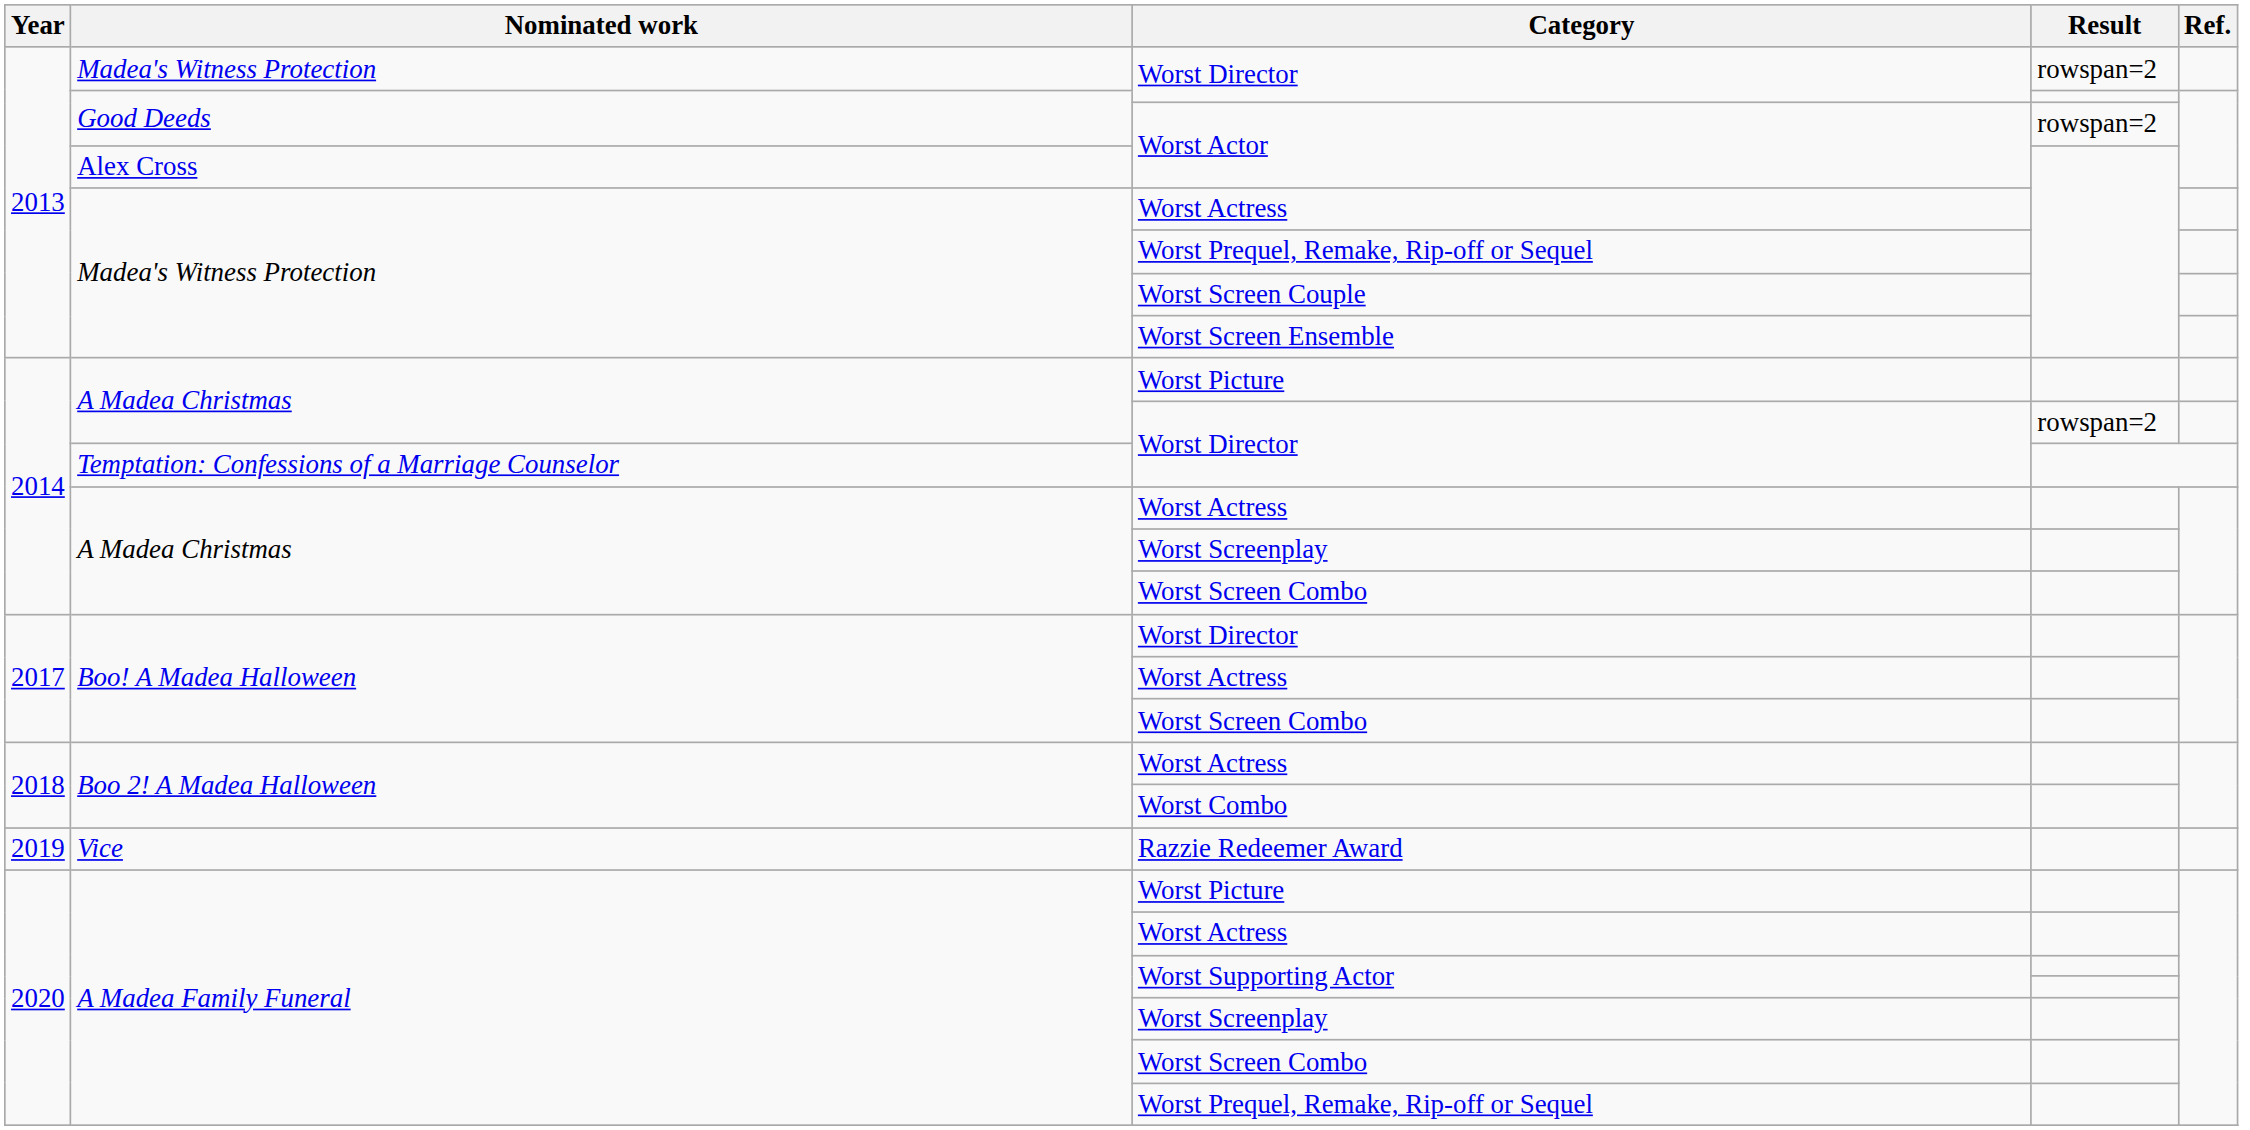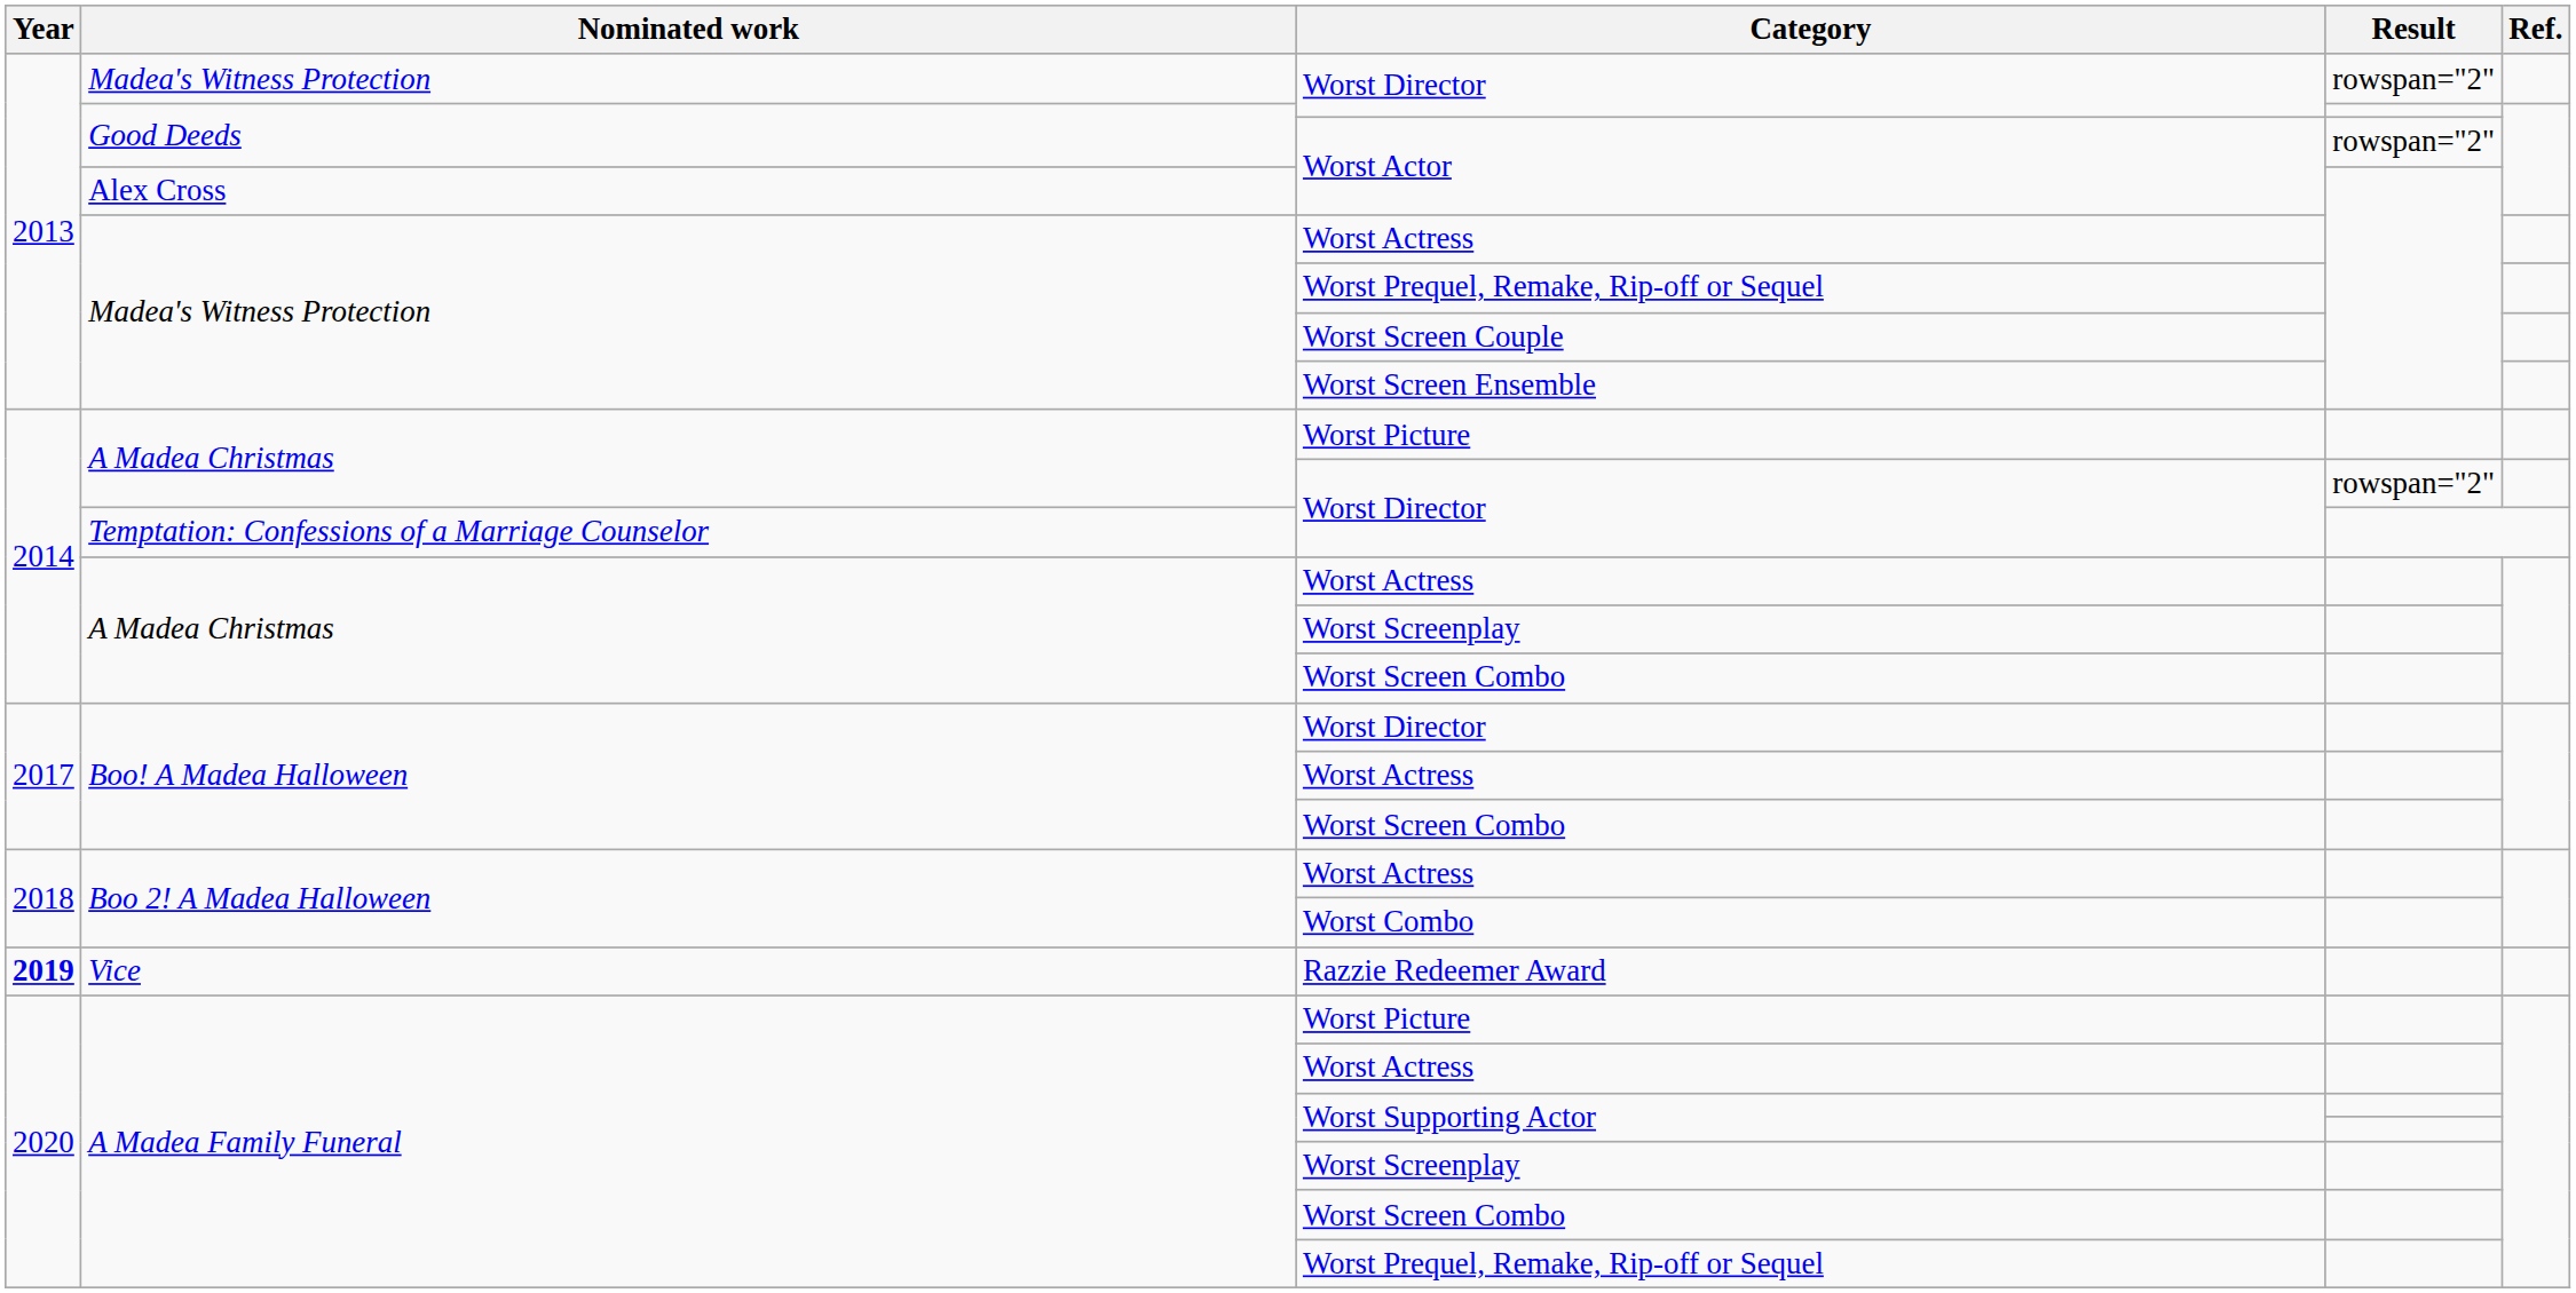 <table class=wikitable>
 <tr>
 <th scope="col" style="width:1em;">Year</th>
 <th scope="col" style="width:39em;">Nominated work</th>
 <th scope="col" style="width:33em;">Category</th>
 <th scope="col" style="width:5em;">Result</th>
 <th scope="col" style="width:1em;">Ref.</th>
 </tr>
 <tr>
 <td rowspan="8"><a href='#'>2013</a></td>
 <td><em><a href='#'>Madea's Witness Protection</a></em></td>
 <td rowspan=2><a href='#'>Worst Director</a></td>
-<td>rowspan=2 </td>
+<td>rowspan="2" </td>
 <td></td>
 </tr>
 <tr>
 <td rowspan="2"><em><a href='#'>Good Deeds</a></em></td>
 <td></td>
 </tr>
 <tr>
 <td rowspan=2><a href='#'>Worst Actor</a></td>
-<td>rowspan=2 </td>
+<td>rowspan="2" </td>
 </tr>
 <tr>
 <td><a href='#'>Alex Cross</a></td>
 <td rowspan=5></td>
 </tr>
 <tr>
 <td rowspan="4"><em>Madea's Witness Protection</em></td>
 <td><a href='#'>Worst Actress</a></td>
 <td></td>
 </tr>
 <tr>
 <td><a href='#'>Worst Prequel, Remake, Rip-off or Sequel</a></td>
 <td></td>
 </tr>
 <tr>
 <td><a href='#'>Worst Screen Couple</a></td>
 <td></td>
 </tr>
 <tr>
 <td><a href='#'>Worst Screen Ensemble</a></td>
 <td></td>
 </tr>
 <tr>
 <td rowspan="6"><a href='#'>2014</a></td>
 <td rowspan="2"><em><a href='#'>A Madea Christmas</a></em></td>
 <td><a href='#'>Worst Picture</a></td>
 <td></td>
 <td></td>
 </tr>
 <tr>
 <td rowspan=2><a href='#'>Worst Director</a></td>
-<td>rowspan=2 </td>
+<td>rowspan="2" </td>
 <td></td>
 </tr>
 <tr>
 <td><em><a href='#'>Temptation: Confessions of a Marriage Counselor</a></em></td>
 </tr>
 <tr>
 <td rowspan="3"><em>A Madea Christmas</em></td>
 <td><a href='#'>Worst Actress</a></td>
 <td></td>
 <td rowspan=3></td>
 </tr>
 <tr>
 <td><a href='#'>Worst Screenplay</a></td>
 <td></td>
 </tr>
 <tr>
 <td><a href='#'>Worst Screen Combo</a></td>
 <td></td>
 </tr>
 <tr>
 <td rowspan="3"><a href='#'>2017</a></td>
 <td rowspan="3"><em><a href='#'>Boo! A Madea Halloween</a></em></td>
 <td><a href='#'>Worst Director</a></td>
 <td></td>
 <td style="text-align:center;" rowspan="3"></td>
 </tr>
 <tr>
 <td><a href='#'>Worst Actress</a></td>
 <td></td>
 </tr>
 <tr>
 <td><a href='#'>Worst Screen Combo</a></td>
 <td></td>
 </tr>
 <tr>
 <td rowspan="2"><a href='#'>2018</a></td>
 <td rowspan="2"><em><a href='#'>Boo 2! A Madea Halloween</a></em></td>
 <td><a href='#'>Worst Actress</a></td>
 <td></td>
 <td rowspan=2></td>
 </tr>
 <tr>
 <td><a href='#'>Worst Combo</a></td>
 <td></td>
 </tr>
 <tr>
-<td><a href='#'>2019</a></td>
+<td><strong><a href='#'>2019</a></strong></td>
 <td><em><a href='#'>Vice</a></em></td>
 <td><a href='#'>Razzie Redeemer Award</a></td>
 <td></td>
 <td align="center"></td>
 </tr>
 <tr>
 <td rowspan="7"><a href='#'>2020</a></td>
 <td rowspan="7"><em><a href='#'>A Madea Family Funeral</a></em></td>
 <td><a href='#'>Worst Picture</a></td>
 <td></td>
 <td rowspan="7"></td>
 </tr>
 <tr>
 <td><a href='#'>Worst Actress</a></td>
 <td></td>
 </tr>
 <tr>
 <td rowspan="2"><a href='#'>Worst Supporting Actor</a></td>
 <td></td>
 </tr>
 <tr>
 <td></td>
 </tr>
 <tr>
 <td><a href='#'>Worst Screenplay</a></td>
 <td></td>
 </tr>
 <tr>
 <td><a href='#'>Worst Screen Combo</a></td>
 <td></td>
 </tr>
 <tr>
 <td><a href='#'>Worst Prequel, Remake, Rip-off or Sequel</a></td>
 <td></td>
 </tr>
 <tr>
 </tr>
 </table>
